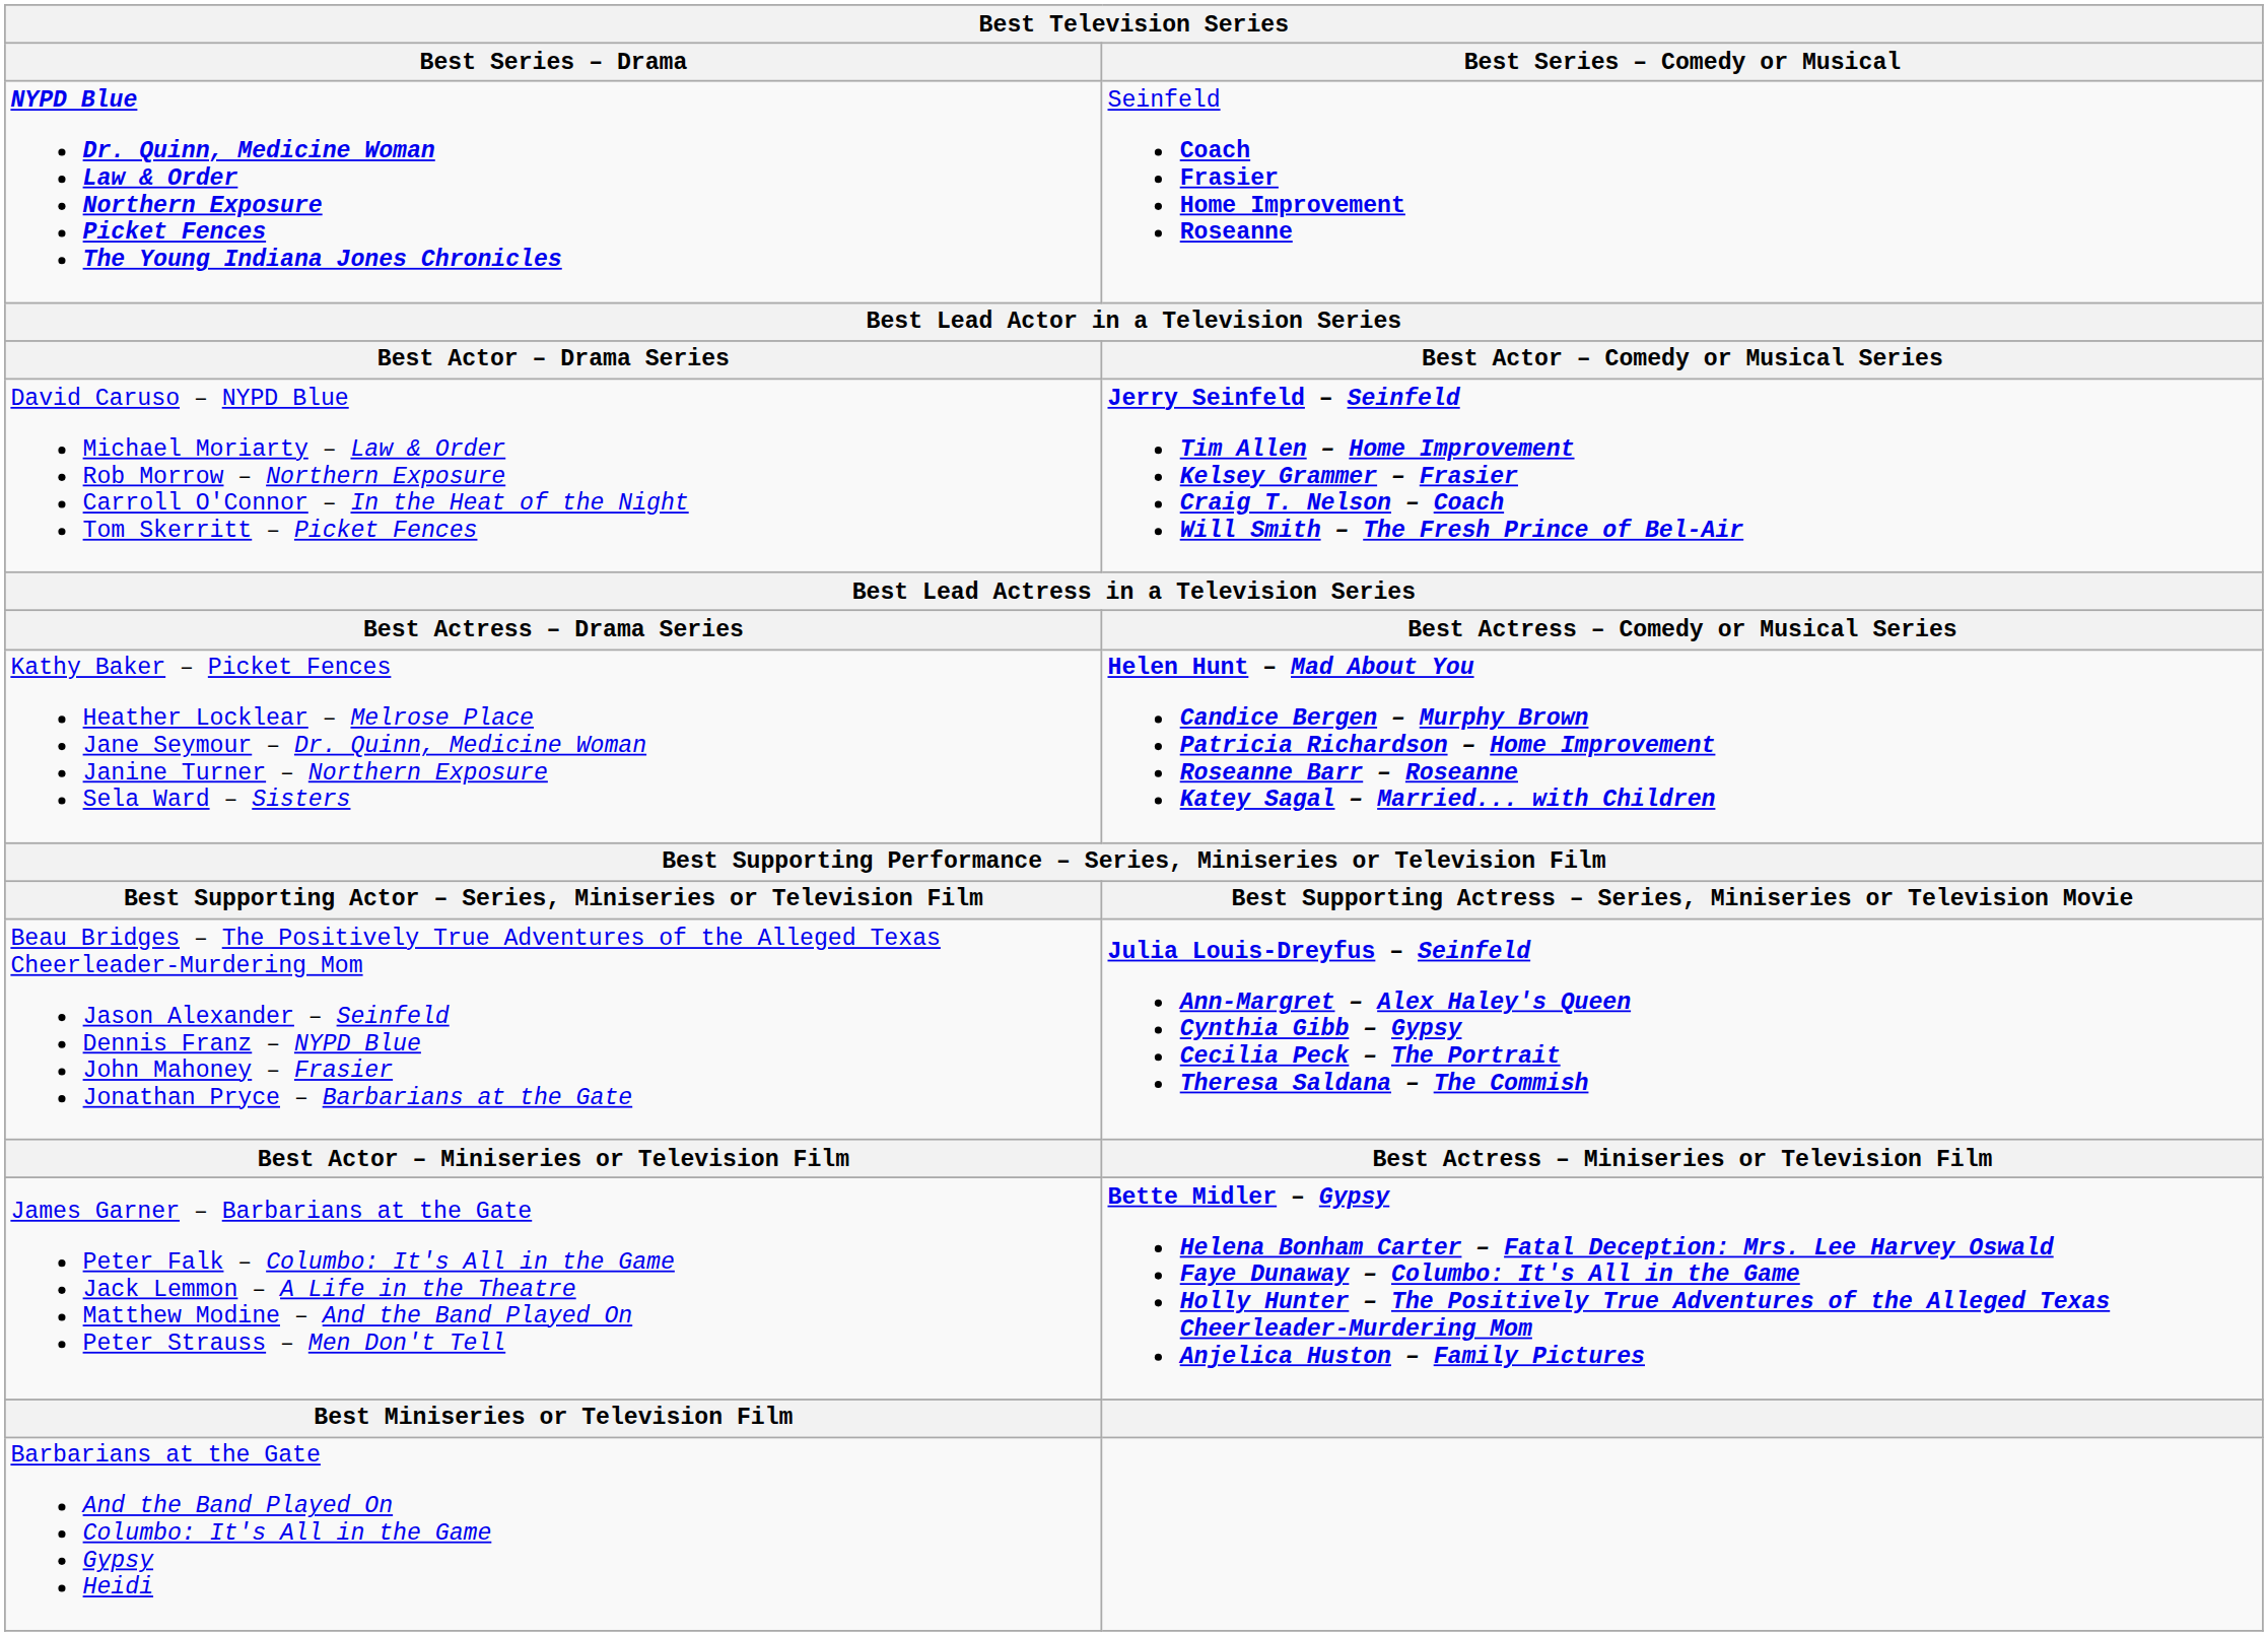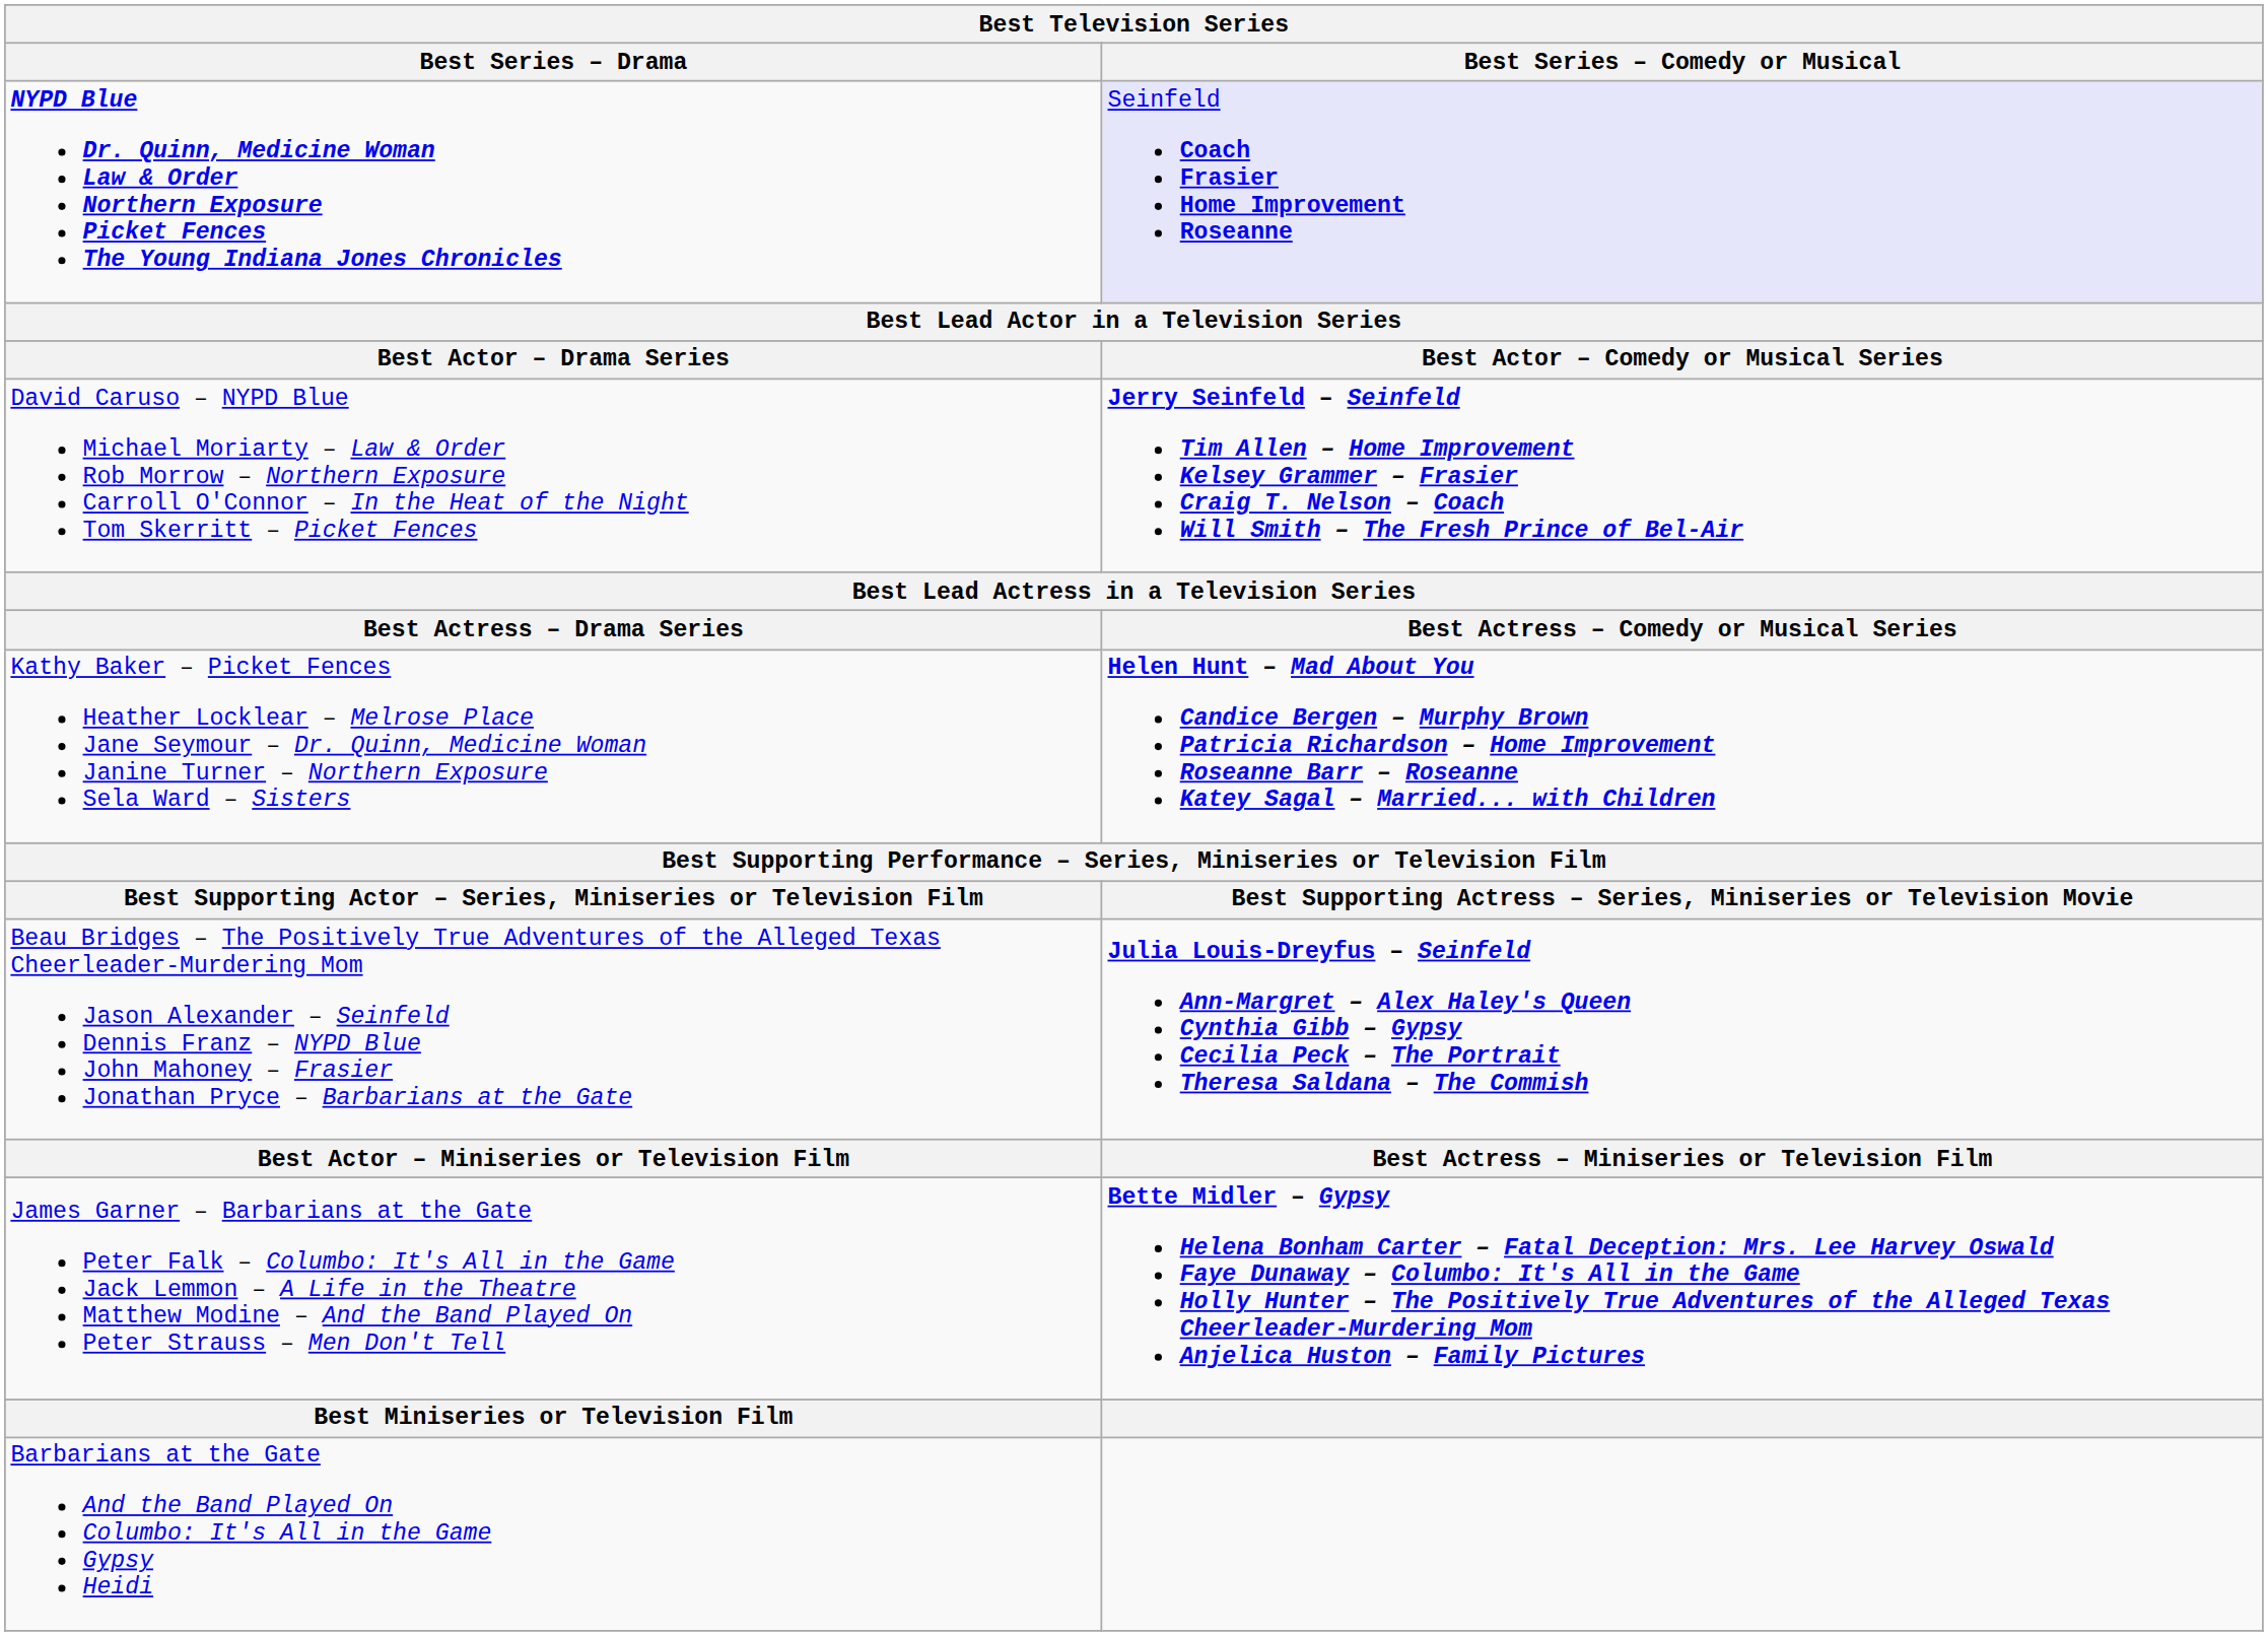 <table class="wikitable" style="width=100%">
 <tr>
 <th colspan="2">Best Television Series</th>
 </tr>
 <tr>
 <th style="width=50%">Best Series – Drama</th>
 <th style="width=50%">Best Series – Comedy or Musical</th>
 </tr>
 <tr>
 <td valign="top"><strong> <em><a href='#'>NYPD Blue</a><strong><em><br><ul><li></em><a href='#'>Dr. Quinn, Medicine Woman</a><em></li><li></em><a href='#'>Law & Order</a><em></li><li></em><a href='#'>Northern Exposure</a><em></li><li></em><a href='#'>Picket Fences</a><em></li><li></em><a href='#'>The Young Indiana Jones Chronicles</a><em></li></ul></td>
-<td valign="top"></em></strong><a href='#'>Seinfeld</a><strong><em><br><ul><li></em><a href='#'>Coach</a><em></li><li></em><a href='#'>Frasier</a><em></li><li></em><a href='#'>Home Improvement</a><em></li><li></em><a href='#'>Roseanne</a><em></li></ul></td>
+<td valign="top" style="background: lavender;"></em></strong><a href='#'>Seinfeld</a><strong><em><br><ul><li></em><a href='#'>Coach</a><em></li><li></em><a href='#'>Frasier</a><em></li><li></em><a href='#'>Home Improvement</a><em></li><li></em><a href='#'>Roseanne</a><em></li></ul></td>
 </tr>
 <tr>
 <th colspan="2">Best Lead Actor in a Television Series</th>
 </tr>
 <tr>
 <th>Best Actor – Drama Series</th>
 <th>Best Actor – Comedy or Musical Series</th>
 </tr>
 <tr>
 <td></strong> <a href='#'>David Caruso</a> – </em><a href='#'>NYPD Blue</a></em></strong><br><ul><li><a href='#'>Michael Moriarty</a> – <em><a href='#'>Law & Order</a></em></li><li><a href='#'>Rob Morrow</a> – <em><a href='#'>Northern Exposure</a></em></li><li><a href='#'>Carroll O'Connor</a> – <em><a href='#'>In the Heat of the Night</a></em></li><li><a href='#'>Tom Skerritt</a> – <em><a href='#'>Picket Fences</a></em></li></ul></td>
 <td><strong> <a href='#'>Jerry Seinfeld</a> – <em><a href='#'>Seinfeld</a><strong><em><br><ul><li><a href='#'>Tim Allen</a> – </em><a href='#'>Home Improvement</a><em></li><li><a href='#'>Kelsey Grammer</a> – </em><a href='#'>Frasier</a><em></li><li><a href='#'>Craig T. Nelson</a> – </em><a href='#'>Coach</a><em></li><li><a href='#'>Will Smith</a> – </em><a href='#'>The Fresh Prince of Bel-Air</a><em></li></ul></td>
 </tr>
 <tr>
 <th colspan="2">Best Lead Actress in a Television Series</th>
 </tr>
 <tr>
 <th>Best Actress – Drama Series</th>
 <th>Best Actress – Comedy or Musical Series</th>
 </tr>
 <tr>
 <td></strong> <a href='#'>Kathy Baker</a> – </em><a href='#'>Picket Fences</a></em></strong><br><ul><li><a href='#'>Heather Locklear</a> – <em><a href='#'>Melrose Place</a></em></li><li><a href='#'>Jane Seymour</a> – <em><a href='#'>Dr. Quinn, Medicine Woman</a></em></li><li><a href='#'>Janine Turner</a> – <em><a href='#'>Northern Exposure</a></em></li><li><a href='#'>Sela Ward</a> – <em><a href='#'>Sisters</a></em></li></ul></td>
 <td><strong> <a href='#'>Helen Hunt</a> – <em><a href='#'>Mad About You</a><strong><em><br><ul><li><a href='#'>Candice Bergen</a> – </em><a href='#'>Murphy Brown</a><em></li><li><a href='#'>Patricia Richardson</a> – </em><a href='#'>Home Improvement</a><em></li><li><a href='#'>Roseanne Barr</a> – </em><a href='#'>Roseanne</a><em></li><li><a href='#'>Katey Sagal</a> – </em><a href='#'>Married... with Children</a><em></li></ul></td>
 </tr>
 <tr>
 <th colspan="2">Best Supporting Performance – Series, Miniseries or Television Film</th>
 </tr>
 <tr>
 <th>Best Supporting Actor – Series, Miniseries or Television Film</th>
 <th>Best Supporting Actress – Series, Miniseries or Television Movie</th>
 </tr>
 <tr>
 <td></strong> <a href='#'>Beau Bridges</a> – </em><a href='#'>The Positively True Adventures of the Alleged Texas Cheerleader-Murdering Mom</a></em></strong><br><ul><li><a href='#'>Jason Alexander</a> – <em><a href='#'>Seinfeld</a></em></li><li><a href='#'>Dennis Franz</a> – <em><a href='#'>NYPD Blue</a></em></li><li><a href='#'>John Mahoney</a> – <em><a href='#'>Frasier</a></em></li><li><a href='#'>Jonathan Pryce</a> – <em><a href='#'>Barbarians at the Gate</a></em></li></ul></td>
 <td><strong> <a href='#'>Julia Louis-Dreyfus</a> – <em><a href='#'>Seinfeld</a><strong><em><br><ul><li><a href='#'>Ann-Margret</a> – </em><a href='#'>Alex Haley's Queen</a><em></li><li><a href='#'>Cynthia Gibb</a> – </em><a href='#'>Gypsy</a><em></li><li><a href='#'>Cecilia Peck</a> – </em><a href='#'>The Portrait</a><em></li><li><a href='#'>Theresa Saldana</a> – </em><a href='#'>The Commish</a><em></li></ul></td>
 </tr>
 <tr>
 <th>Best Actor – Miniseries or Television Film</th>
 <th>Best Actress – Miniseries or Television Film</th>
 </tr>
 <tr>
 <td></strong> <a href='#'>James Garner</a> – </em><a href='#'>Barbarians at the Gate</a></em></strong><br><ul><li><a href='#'>Peter Falk</a> – <em><a href='#'>Columbo: It's All in the Game</a></em></li><li><a href='#'>Jack Lemmon</a> – <em><a href='#'>A Life in the Theatre</a></em></li><li><a href='#'>Matthew Modine</a> – <em><a href='#'>And the Band Played On</a></em></li><li><a href='#'>Peter Strauss</a> – <em><a href='#'>Men Don't Tell</a></em></li></ul></td>
 <td><strong> <a href='#'>Bette Midler</a> – <em><a href='#'>Gypsy</a><strong><em><br><ul><li><a href='#'>Helena Bonham Carter</a> – </em><a href='#'>Fatal Deception: Mrs. Lee Harvey Oswald</a><em></li><li><a href='#'>Faye Dunaway</a> – </em><a href='#'>Columbo: It's All in the Game</a><em></li><li><a href='#'>Holly Hunter</a> – </em><a href='#'>The Positively True Adventures of the Alleged Texas Cheerleader-Murdering Mom</a><em></li><li><a href='#'>Anjelica Huston</a> – </em><a href='#'>Family Pictures</a><em></li></ul></td>
 </tr>
 <tr>
 <th>Best Miniseries or Television Film</th>
 <th></th>
 </tr>
 <tr>
 <td></strong> </em><a href='#'>Barbarians at the Gate</a></em></strong><br><ul><li><em><a href='#'>And the Band Played On</a></em></li><li><em><a href='#'>Columbo: It's All in the Game</a></em></li><li><em><a href='#'>Gypsy</a></em></li><li><em><a href='#'>Heidi</a></em></li></ul></td>
 <td></td>
 </tr>
 </table>
